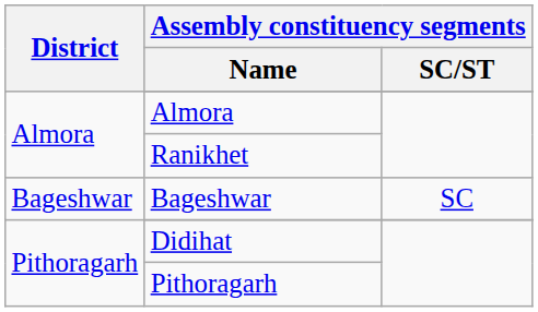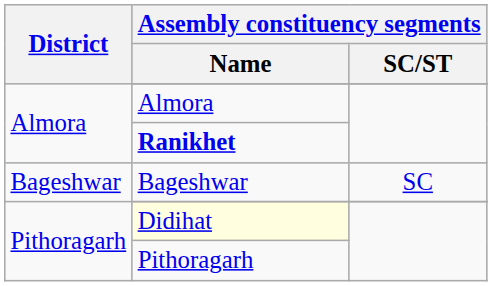 <table class="wikitable sortable">
 <tr>
 <th rowspan="2"><a href='#'>District</a></th>
 <th colspan="2"><a href='#'>Assembly constituency segments</a></th>
 </tr>
 <tr>
 <th>Name</th>
 <th>SC/ST</th>
 </tr>
 <tr>
 <td rowspan="3"><a href='#'>Almora</a></td>
 </tr>
 <tr>
 <td><a href='#'>Almora</a></td>
 <td rowspan="2"></td>
 </tr>
 <tr>
-<td><a href='#'>Ranikhet</a></td>
+<td><strong><a href='#'>Ranikhet</a></strong></td>
 </tr>
 <tr>
 <td><a href='#'>Bageshwar</a></td>
 <td><a href='#'>Bageshwar</a></td>
 <td align="center"><a href='#'>SC</a></td>
 </tr>
 <tr>
 <td rowspan="3"><a href='#'>Pithoragarh</a></td>
 </tr>
 <tr>
-<td><a href='#'>Didihat</a></td>
+<td style="background: lightyellow;"><a href='#'>Didihat</a></td>
 <td rowspan="2"></td>
 </tr>
 <tr>
 <td><a href='#'>Pithoragarh</a></td>
 </tr>
 </table>
